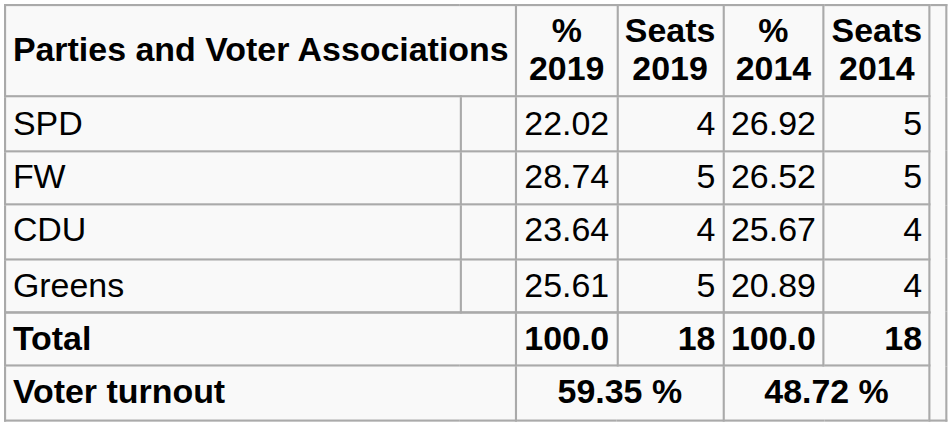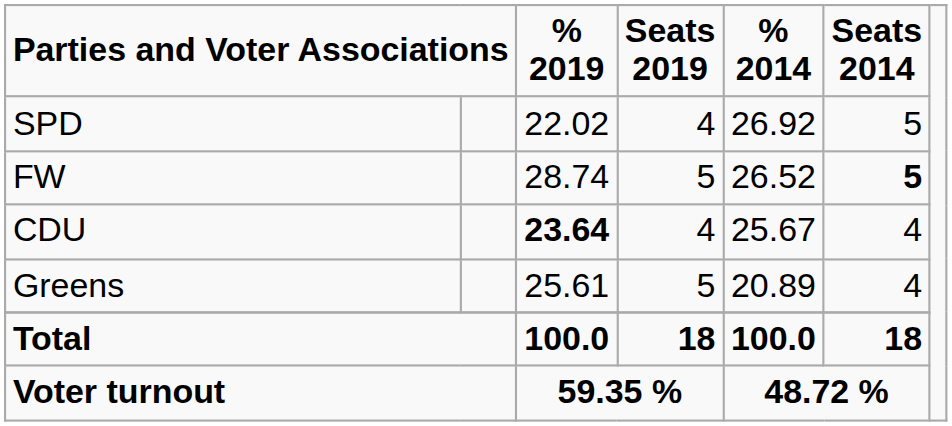 <table class="wikitable">
 <tr class="hintergrundfarbe5">
 <td colspan="2"><strong>Parties and Voter Associations</strong></td>
 <td style="text-align:center"><strong>%<br>2019</strong></td>
 <td style="text-align:center"><strong>Seats<br>2019</strong></td>
 <td style="text-align:center"><strong>%<br>2014</strong></td>
 <td align="Center"><strong>Seats<br>2014</strong></td>
 <td rowspan="10"></td>
 </tr>
 <tr>
 <td>SPD</td>
 <td></td>
 <td align="right">22.02</td>
 <td align="right">4</td>
 <td align="right">26.92</td>
 <td align="right">5</td>
 </tr>
 <tr>
 <td>FW</td>
 <td></td>
 <td align="right">28.74</td>
 <td align="right">5</td>
 <td align="right">26.52</td>
-<td align="right">5</td>
+<td align="right"><strong>5</strong></td>
 </tr>
 <tr>
 <td>CDU</td>
 <td></td>
-<td align="right">23.64</td>
+<td align="right"><strong>23.64</strong></td>
 <td align="right">4</td>
 <td align="right">25.67</td>
 <td align="right">4</td>
 </tr>
 <tr>
 <td>Greens</td>
 <td></td>
 <td align="right">25.61</td>
 <td align="right">5</td>
 <td align="right">20.89</td>
 <td align="right">4</td>
 </tr>
 <tr>
 </tr>
 <tr class="hintergrundfarbe5">
 <td colspan="2"><strong>Total</strong></td>
 <td align="right"><strong>100.0</strong></td>
 <td align="right"><strong>18</strong></td>
 <td align="right"><strong>100.0</strong></td>
 <td align="right"><strong>18</strong></td>
 </tr>
 <tr class="hintergrundfarbe5">
 <td colspan="2"><strong>Voter turnout</strong></td>
 <td colspan="2" style="text-align:center"><strong>59.35 %</strong></td>
 <td colspan="2" style="text-align:center"><strong>48.72 %</strong></td>
 </tr>
 </table>
